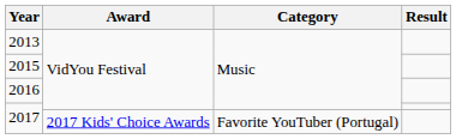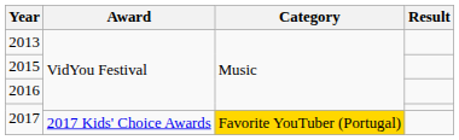 <table class="wikitable">
 <tr>
 <th>Year</th>
 <th>Award</th>
 <th>Category</th>
 <th>Result</th>
 </tr>
 <tr>
 <td>2013</td>
 <td rowspan="4">VidYou Festival</td>
 <td rowspan="4">Music</td>
 <td></td>
 </tr>
 <tr>
 <td>2015</td>
 <td></td>
 </tr>
 <tr>
 <td>2016</td>
 <td></td>
 </tr>
 <tr>
 <td rowspan="2">2017</td>
 <td></td>
 </tr>
 <tr>
 <td><a href='#'>2017 Kids' Choice Awards</a></td>
-<td>Favorite YouTuber (Portugal)</td>
+<td style="background: gold;">Favorite YouTuber (Portugal)</td>
 <td></td>
 </tr>
 </table>
